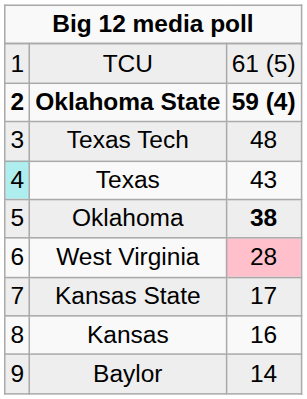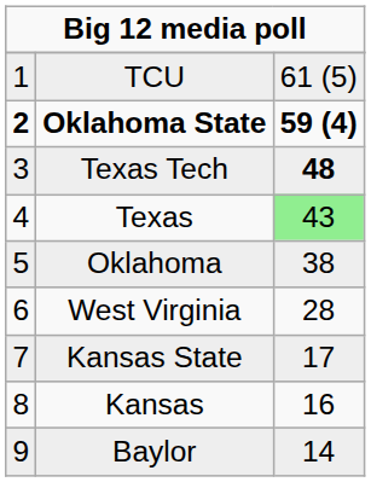 <table class="wikitable" style="display: inline-table;">
 <tr>
 <td align="center" Colspan="3"><strong>Big 12 media poll</strong></td>
 </tr>
 <tr align="center">
 </tr>
 <tr align="center" style="background:#eeeeee;">
 <td>1</td>
 <td>TCU</td>
 <td>61 (5)</td>
 </tr>
 <tr align="center">
 <td><strong>2</strong></td>
 <td><strong>Oklahoma State</strong></td>
 <td><strong>59 (4)</strong></td>
 </tr>
 <tr align="center" style="background:#eeeeee;">
 <td>3</td>
 <td>Texas Tech</td>
-<td>48</td>
+<td><strong>48</strong></td>
 </tr>
 <tr align="center">
-<td style="background: paleturquoise;">4</td>
+<td>4</td>
 <td>Texas</td>
-<td>43</td>
+<td style="background: lightgreen;">43</td>
 </tr>
 <tr align="center" style="background:#eeeeee;">
 <td>5</td>
 <td>Oklahoma</td>
-<td><strong>38</strong></td>
+<td>38</td>
 </tr>
 <tr align="center">
 <td>6</td>
 <td>West Virginia</td>
-<td style="background: pink;">28</td>
+<td>28</td>
 </tr>
 <tr align="center" style="background:#eeeeee;">
 <td>7</td>
 <td>Kansas State</td>
 <td>17</td>
 </tr>
 <tr align="center">
 <td>8</td>
 <td>Kansas</td>
 <td>16</td>
 </tr>
 <tr align="center" style="background:#eeeeee;">
 <td>9</td>
 <td>Baylor</td>
 <td>14</td>
 </tr>
 </table>
